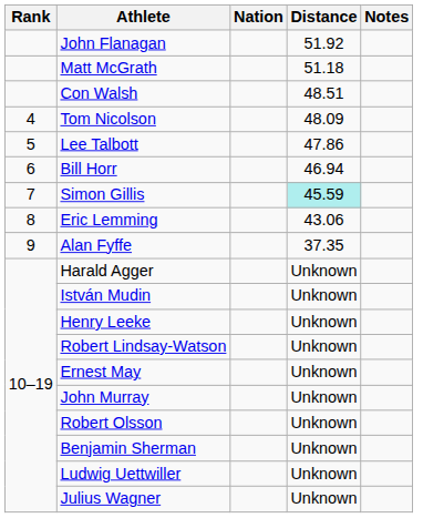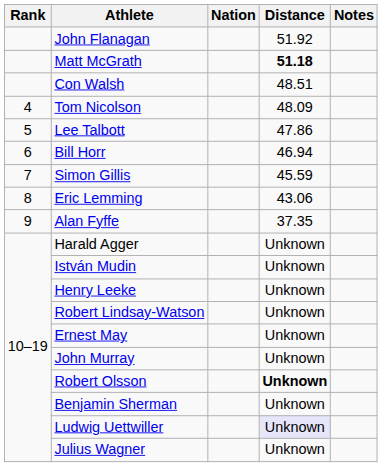 <table class="wikitable sortable" style="text-align:center">
 <tr>
 <th>Rank</th>
 <th>Athlete</th>
 <th>Nation</th>
 <th>Distance</th>
 <th>Notes</th>
 </tr>
 <tr>
 <td></td>
 <td align=left><a href='#'>John Flanagan</a></td>
 <td align=left></td>
 <td>51.92</td>
 <td></td>
 </tr>
 <tr>
 <td></td>
 <td align=left><a href='#'>Matt McGrath</a></td>
 <td align=left></td>
-<td>51.18</td>
+<td><strong>51.18</strong></td>
 <td></td>
 </tr>
 <tr>
 <td></td>
 <td align=left><a href='#'>Con Walsh</a></td>
 <td align=left></td>
 <td>48.51</td>
 <td></td>
 </tr>
 <tr>
 <td>4</td>
 <td align=left><a href='#'>Tom Nicolson</a></td>
 <td align=left></td>
 <td>48.09</td>
 <td></td>
 </tr>
 <tr>
 <td>5</td>
 <td align=left><a href='#'>Lee Talbott</a></td>
 <td align=left></td>
 <td>47.86</td>
 <td></td>
 </tr>
 <tr>
 <td>6</td>
 <td align=left><a href='#'>Bill Horr</a></td>
 <td align=left></td>
 <td>46.94</td>
 <td></td>
 </tr>
 <tr>
 <td>7</td>
 <td align=left><a href='#'>Simon Gillis</a></td>
 <td align=left></td>
-<td style="background: paleturquoise;">45.59</td>
+<td>45.59</td>
 <td></td>
 </tr>
 <tr>
 <td>8</td>
 <td align=left><a href='#'>Eric Lemming</a></td>
 <td align=left></td>
 <td>43.06</td>
 <td></td>
 </tr>
 <tr>
 <td>9</td>
 <td align=left><a href='#'>Alan Fyffe</a></td>
 <td align=left></td>
 <td>37.35</td>
 <td></td>
 </tr>
 <tr>
 <td align=center rowspan=10>10–19</td>
 <td align=left>Harald Agger</td>
 <td align=left></td>
 <td>Unknown</td>
 <td></td>
 </tr>
 <tr>
 <td align=left><a href='#'>István Mudin</a></td>
 <td align=left></td>
 <td>Unknown</td>
 <td></td>
 </tr>
 <tr>
 <td align=left><a href='#'>Henry Leeke</a></td>
 <td align=left></td>
 <td>Unknown</td>
 <td></td>
 </tr>
 <tr>
 <td align=left><a href='#'>Robert Lindsay-Watson</a></td>
 <td align=left></td>
 <td>Unknown</td>
 <td></td>
 </tr>
 <tr>
 <td align=left><a href='#'>Ernest May</a></td>
 <td align=left></td>
 <td>Unknown</td>
 <td></td>
 </tr>
 <tr>
 <td align=left><a href='#'>John Murray</a></td>
 <td align=left></td>
 <td>Unknown</td>
 <td></td>
 </tr>
 <tr>
 <td align=left><a href='#'>Robert Olsson</a></td>
 <td align=left></td>
-<td>Unknown</td>
+<td><strong>Unknown</strong></td>
 <td></td>
 </tr>
 <tr>
 <td align=left><a href='#'>Benjamin Sherman</a></td>
 <td align=left></td>
 <td>Unknown</td>
 <td></td>
 </tr>
 <tr>
 <td align=left><a href='#'>Ludwig Uettwiller</a></td>
 <td align=left></td>
-<td>Unknown</td>
+<td style="background: lavender;">Unknown</td>
 <td></td>
 </tr>
 <tr>
 <td align=left><a href='#'>Julius Wagner</a></td>
 <td align=left></td>
 <td>Unknown</td>
 <td></td>
 </tr>
 </table>
